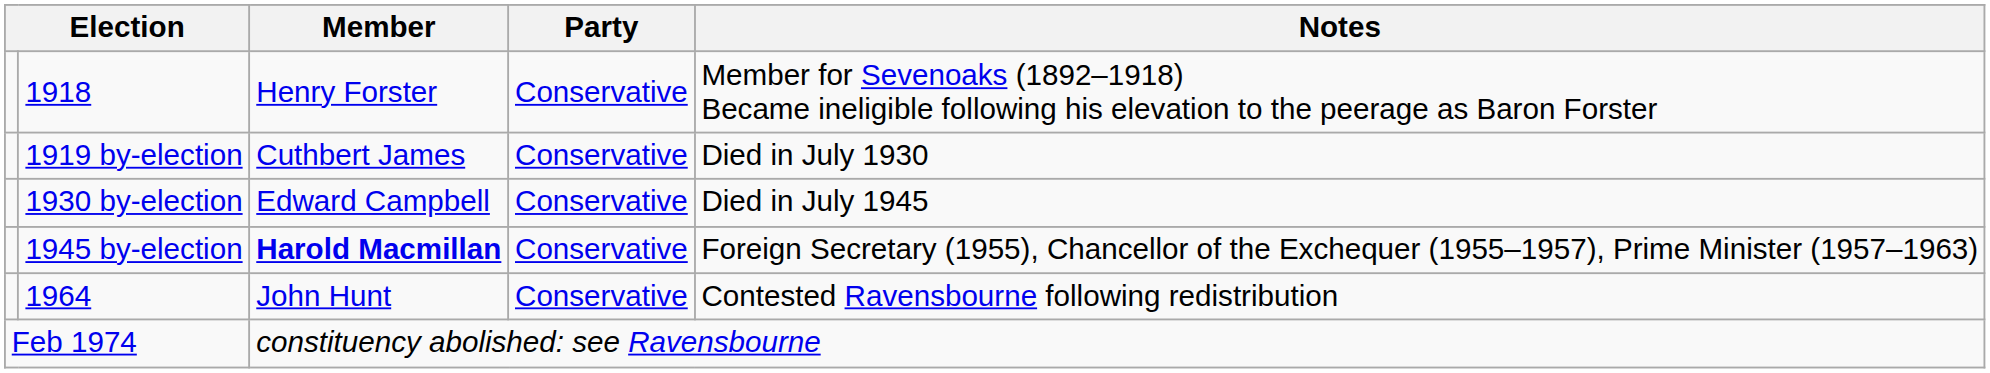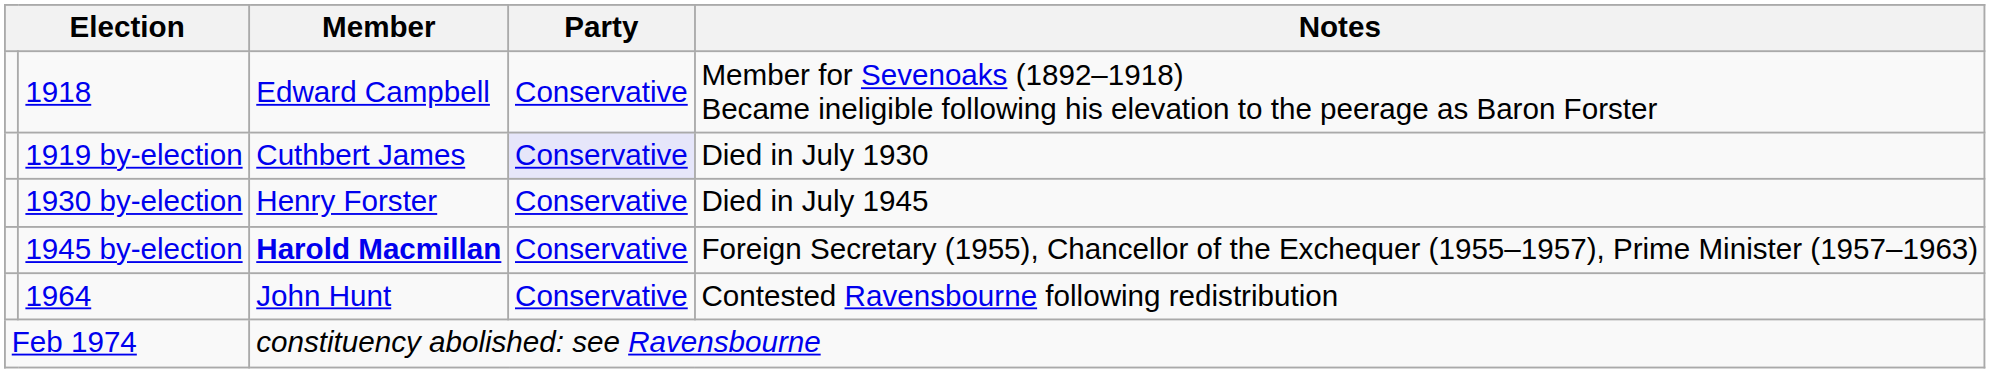 <table class="wikitable">
 <tr>
 <th colspan="2">Election</th>
 <th>Member</th>
 <th>Party</th>
 <th>Notes</th>
 </tr>
 <tr>
 <td style="color:inherit;background-color: "></td>
 <td><a href='#'>1918</a></td>
-<td><a href='#'>Henry Forster</a></td>
+<td><a href='#'>Edward Campbell</a></td>
 <td><a href='#'>Conservative</a></td>
 <td>Member for <a href='#'>Sevenoaks</a> (1892–1918)<br>Became ineligible following his elevation to the peerage as Baron Forster</td>
 </tr>
 <tr>
 <td style="color:inherit;background-color: "></td>
 <td><a href='#'>1919 by-election</a></td>
 <td><a href='#'>Cuthbert James</a></td>
-<td><a href='#'>Conservative</a></td>
+<td style="background: lavender;"><a href='#'>Conservative</a></td>
 <td>Died in July 1930</td>
 </tr>
 <tr>
 <td style="color:inherit;background-color: "></td>
 <td><a href='#'>1930 by-election</a></td>
-<td><a href='#'>Edward Campbell</a></td>
+<td><a href='#'>Henry Forster</a></td>
 <td><a href='#'>Conservative</a></td>
 <td>Died in July 1945</td>
 </tr>
 <tr>
 <td style="color:inherit;background-color: "></td>
 <td><a href='#'>1945 by-election</a></td>
 <td><strong><a href='#'>Harold Macmillan</a></strong></td>
 <td><a href='#'>Conservative</a></td>
 <td>Foreign Secretary (1955), Chancellor of the Exchequer (1955–1957), Prime Minister (1957–1963)</td>
 </tr>
 <tr>
 <td style="color:inherit;background-color: "></td>
 <td><a href='#'>1964</a></td>
 <td><a href='#'>John Hunt</a></td>
 <td><a href='#'>Conservative</a></td>
 <td>Contested <a href='#'>Ravensbourne</a> following redistribution</td>
 </tr>
 <tr>
 <td colspan="2"><a href='#'>Feb 1974</a></td>
 <td colspan="3"><em>constituency abolished: see <a href='#'>Ravensbourne</a></em></td>
 </tr>
 </table>
